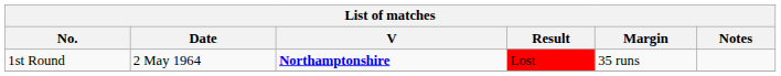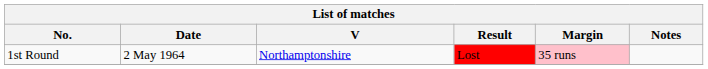 <table class="wikitable" width="70%">
 <tr>
 <th bgcolor="#efefef" colspan=6>List of matches</th>
 </tr>
 <tr bgcolor="#efefef">
 <th>No.</th>
 <th>Date</th>
 <th>V</th>
 <th>Result</th>
 <th>Margin</th>
 <th>Notes</th>
 </tr>
 <tr>
 <td>1st Round</td>
 <td>2 May 1964</td>
-<td><strong><a href='#'>Northamptonshire</a> <br> </strong></td>
+<td><a href='#'>Northamptonshire</a> <br> </td>
 <td bgcolor="#FF0000">Lost</td>
-<td>35 runs</td>
+<td style="background: pink;">35 runs</td>
 <td></td>
 </tr>
 <tr>
 </tr>
 </table>
